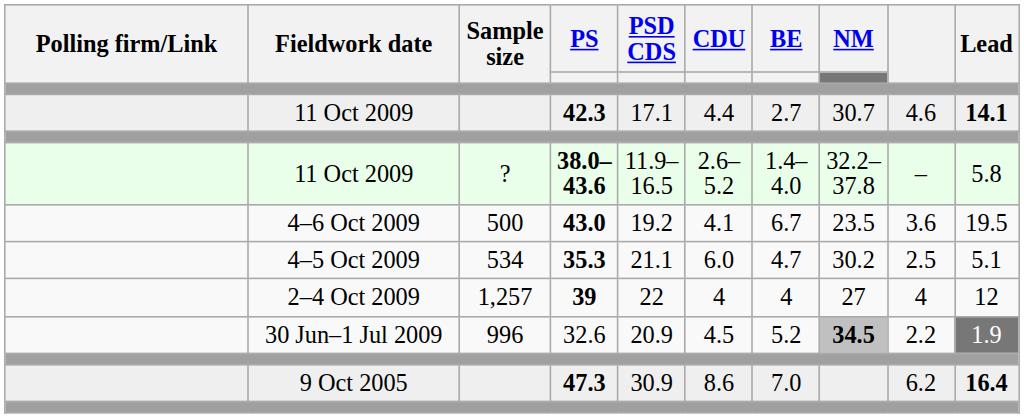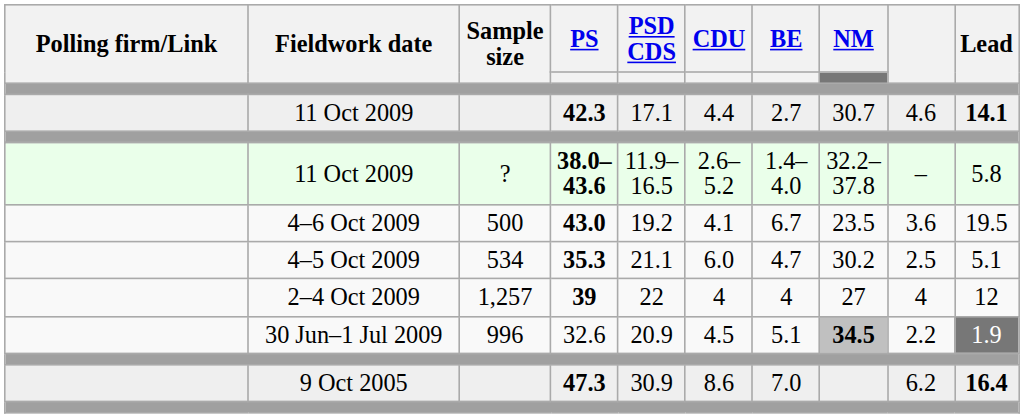 <table class="wikitable collapsible sortable" style="text-align:center; font-size:95%; line-height:16px;">
 <tr style="height:42px;">
 <th style="width:145px;" rowspan="2">Polling firm/Link</th>
 <th style="width:125px;" rowspan="2">Fieldwork date</th>
 <th class="unsortable" style="width:50px;" rowspan="2">Sample size</th>
 <th class="unsortable" style="width:35px;"><a href='#'>PS</a></th>
 <th class="unsortable" style="width:35px;"><a href='#'>PSD</a><br><a href='#'>CDS</a></th>
 <th class="unsortable" style="width:35px;"><a href='#'>CDU</a></th>
 <th class="unsortable" style="width:35px;"><a href='#'>BE</a></th>
 <th class="unsortable" style="width:35px;"><a href='#'>NM</a></th>
 <th class="unsortable" style="width:35px;" rowspan="2"></th>
 <th class="unsortable" style="width:30px;" rowspan="2">Lead</th>
 </tr>
 <tr>
 <th class="unsortable" style="color:inherit;background:"></th>
 <th class="unsortable" style="color:inherit;background:"></th>
 <th class="unsortable" style="color:inherit;background:"></th>
 <th class="unsortable" style="color:inherit;background:"></th>
 <th class="unsortable" style="color:inherit;background:#777777;"></th>
 </tr>
 <tr>
 <td colspan="13" style="background:#A0A0A0"></td>
 </tr>
 <tr style="background:#EFEFEF;">
 <td><strong></strong></td>
 <td data-sort-value="2019-10-06">11 Oct 2009</td>
 <td></td>
 <td><strong>42.3</strong><br></td>
 <td>17.1<br></td>
 <td>4.4<br></td>
 <td>2.7<br></td>
 <td>30.7<br></td>
 <td>4.6<br></td>
 <td style="background:"><strong>14.1</strong></td>
 </tr>
 <tr>
 <td colspan="13" style="background:#A0A0A0"></td>
 </tr>
 <tr>
 </tr>
 <tr style="background:#EAFFEA"|>
 <td></td>
 <td data-sort-value="2019-10-06">11 Oct 2009</td>
 <td>?</td>
 <td><strong>38.0–<br>43.6</strong></td>
 <td>11.9–<br>16.5</td>
 <td>2.6–<br>5.2</td>
 <td>1.4–<br>4.0</td>
 <td>32.2–<br>37.8</td>
 <td>–</td>
 <td style="background:">5.8</td>
 </tr>
 <tr>
 <td align="center"></td>
 <td align="center">4–6 Oct 2009</td>
 <td>500</td>
 <td align="center" ><strong>43.0</strong></td>
 <td align="center">19.2</td>
 <td align="center">4.1</td>
 <td align="center">6.7</td>
 <td align="center">23.5</td>
 <td align="center">3.6</td>
 <td style="background:">19.5</td>
 </tr>
 <tr>
 <td align="center"></td>
 <td align="center">4–5 Oct 2009</td>
 <td>534</td>
 <td align="center" ><strong>35.3</strong></td>
 <td align="center">21.1</td>
 <td align="center">6.0</td>
 <td align="center">4.7</td>
 <td align="center">30.2</td>
 <td align="center">2.5</td>
 <td style="background:">5.1</td>
 </tr>
 <tr>
 <td align="center"></td>
 <td align="center">2–4 Oct 2009</td>
 <td>1,257</td>
 <td align="center" ><strong>39</strong></td>
 <td align="center">22</td>
 <td align="center">4</td>
 <td align="center">4</td>
 <td align="center">27</td>
 <td align="center">4</td>
 <td style="background:">12</td>
 </tr>
 <tr>
 <td align="center"></td>
 <td align="center">30 Jun–1 Jul 2009</td>
 <td>996</td>
 <td align="center">32.6</td>
 <td align="center">20.9</td>
 <td align="center">4.5</td>
-<td align="center">5.2</td>
+<td align="center">5.1</td>
 <td align="center" style="background:#C0C0C0"><strong>34.5</strong></td>
 <td align="center">2.2</td>
 <td style="background:#777777; color:white;">1.9</td>
 </tr>
 <tr>
 <td colspan="13" style="background:#A0A0A0"></td>
 </tr>
 <tr style="background:#EFEFEF;">
 <td><strong></strong></td>
 <td data-sort-value="2019-10-06">9 Oct 2005</td>
 <td></td>
 <td><strong>47.3</strong><br></td>
 <td>30.9<br></td>
 <td>8.6<br></td>
 <td>7.0<br></td>
 <td></td>
 <td>6.2<br></td>
 <td style="background:"><strong>16.4</strong></td>
 </tr>
 <tr>
 <td colspan="13" style="background:#A0A0A0"></td>
 </tr>
 </table>
